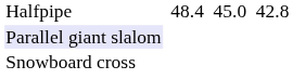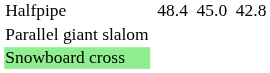 <table>
 <tr valign="top">
 <td>Halfpipe <br></td>
 <td></td>
 <td>48.4</td>
 <td></td>
 <td>45.0</td>
 <td></td>
 <td>42.8</td>
 </tr>
 <tr valign="top">
-<td style="background: lavender;">Parallel giant slalom <br></td>
+<td>Parallel giant slalom <br></td>
 <td colspan="2"></td>
 <td colspan="2"></td>
 <td colspan="2"></td>
 </tr>
 <tr valign="top">
-<td>Snowboard cross <br></td>
+<td style="background: lightgreen;">Snowboard cross <br></td>
 <td colspan="2"></td>
 <td colspan="2"></td>
 <td colspan="2"></td>
 </tr>
 </table>
